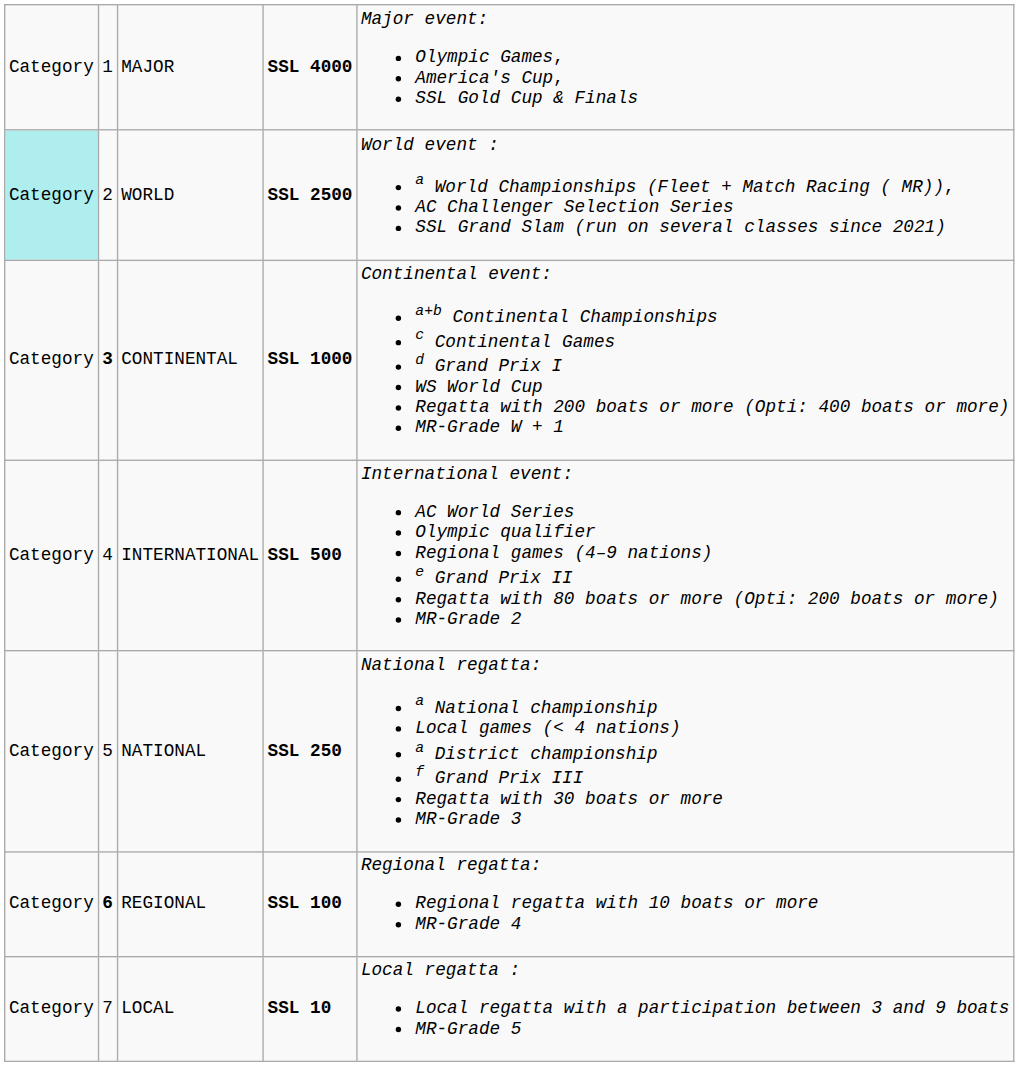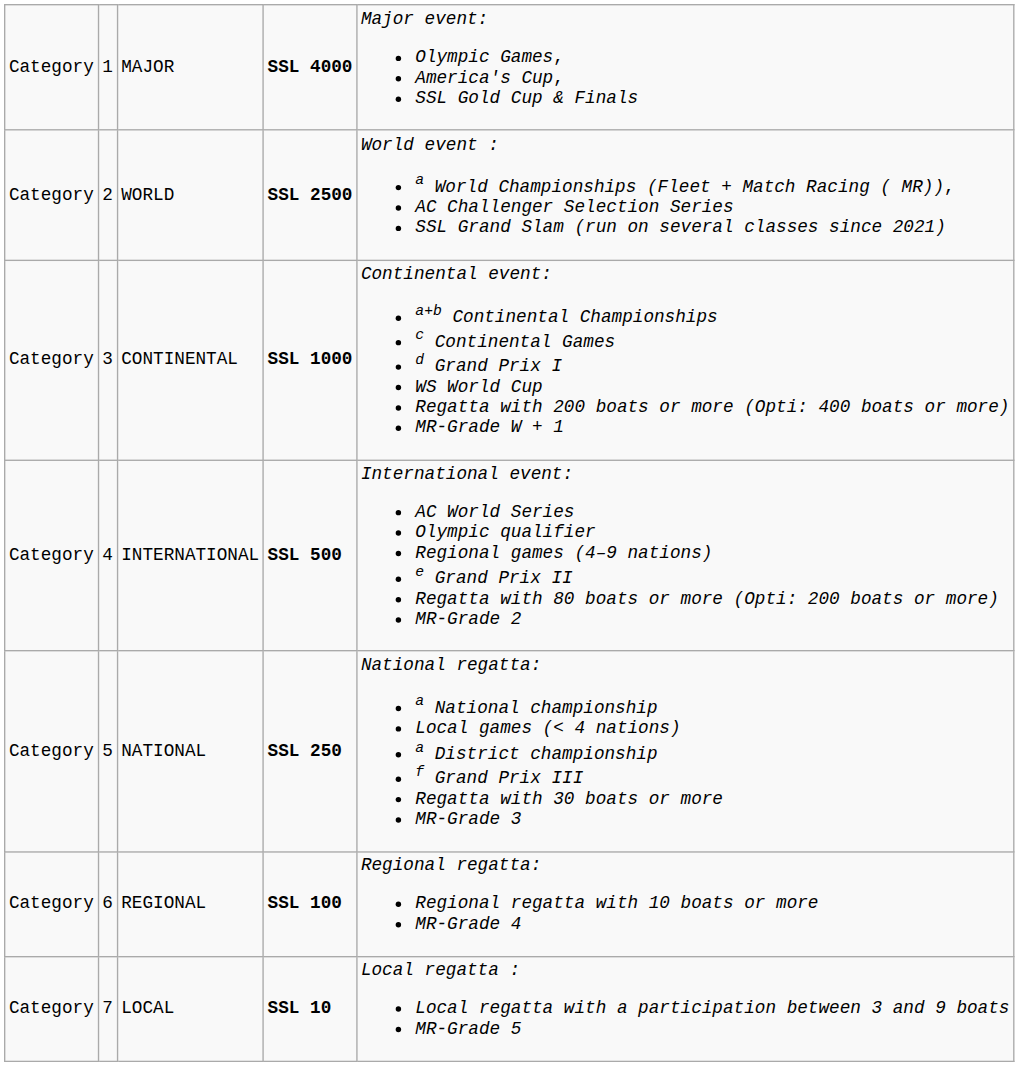 <table class="wikitable">
 <tr>
 <td>Category</td>
 <td>1</td>
 <td>MAJOR</td>
 <td><strong>SSL 4000</strong></td>
 <td><em>Major event:                              </em><br><ul><li><em>Olympic Games</em>,</li><li><em>America's Cup</em>,</li><li><em>SSL Gold Cup & Finals</em></li></ul></td>
 </tr>
 <tr>
-<td style="background: paleturquoise;">Category</td>
+<td>Category</td>
 <td>2</td>
 <td>WORLD</td>
 <td><strong>SSL 2500</strong></td>
 <td><em>World event :</em><br><ul><li><em><sup>a</sup> World Championships (Fleet + Match Racing ( MR))</em>,</li><li><em>AC Challenger Selection Series</em></li><li><em>SSL Grand Slam (run on several classes since 2021)</em></li></ul></td>
 </tr>
 <tr>
 <td>Category</td>
-<td><strong>3</strong></td>
+<td>3</td>
 <td>CONTINENTAL</td>
 <td><strong>SSL 1000</strong></td>
 <td><em>Continental event:</em><br><ul><li><em><sup>a+b</sup> Continental Championships</em></li><li><em><sup>c</sup> Continental Games</em></li><li><em><sup>d</sup> Grand Prix I</em></li><li><em>WS World Cup</em></li><li><em>Regatta with 200 boats or more (Opti: 400 boats or more)</em></li><li><em>MR-Grade W + 1</em></li></ul></td>
 </tr>
 <tr>
 <td>Category</td>
 <td>4</td>
 <td>INTERNATIONAL</td>
 <td><strong>SSL 500</strong></td>
 <td><em>International event:</em><br><ul><li><em>AC World Series</em></li><li><em>Olympic qualifier</em></li><li><em>Regional games (4–9 nations)</em></li><li><em><sup>e</sup> Grand Prix II</em></li><li><em>Regatta with 80 boats or more (Opti: 200 boats or more)</em></li><li><em>MR-Grade 2</em></li></ul></td>
 </tr>
 <tr>
 <td>Category</td>
 <td>5</td>
 <td>NATIONAL</td>
 <td><strong>SSL 250</strong></td>
 <td><em>National regatta:</em><br><ul><li><em><sup>a</sup> National championship</em></li><li><em>Local games (< 4 nations)</em></li><li><em><sup>a</sup> District championship</em></li><li><em><sup>f</sup> Grand Prix III</em></li><li><em>Regatta with 30 boats or more</em></li><li><em>MR-Grade 3</em></li></ul></td>
 </tr>
 <tr>
 <td>Category</td>
-<td><strong>6</strong></td>
+<td>6</td>
 <td>REGIONAL</td>
 <td><strong>SSL 100</strong></td>
 <td><em>Regional regatta:</em><br><ul><li><em>Regional regatta with 10 boats or more</em></li><li><em>MR-Grade 4</em></li></ul></td>
 </tr>
 <tr>
 <td>Category</td>
 <td>7</td>
 <td>LOCAL</td>
 <td><strong>SSL 10</strong></td>
 <td><em>Local regatta :</em><br><ul><li><em>Local regatta with a participation between 3 and 9 boats</em></li><li><em>MR-Grade 5</em></li></ul></td>
 </tr>
 </table>
